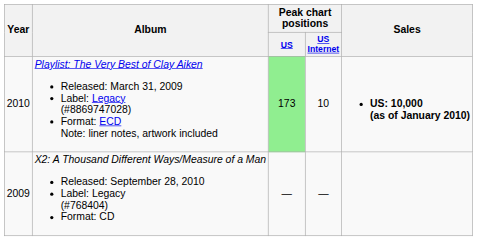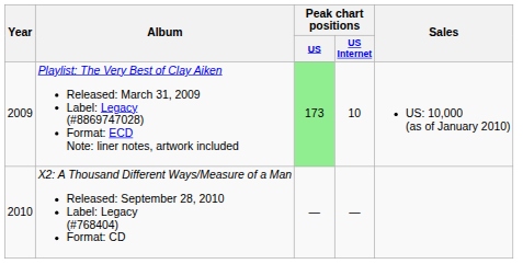 <table class="wikitable">
 <tr>
 <th rowspan="2">Year</th>
 <th rowspan="2">Album</th>
 <th colspan="2">Peak chart positions</th>
 <th rowspan="2">Sales</th>
 </tr>
 <tr style="font-size:smaller;">
 <th width="50"><a href='#'>US</a><br></th>
 <th width="50"><a href='#'>US Internet</a></th>
 </tr>
 <tr>
-<td>2010</td>
+<td>2009</td>
 <td><em><a href='#'>Playlist: The Very Best of Clay Aiken</a></em><br><ul><li>Released: March 31, 2009</li><li>Label: <a href='#'>Legacy</a><br>(#8869747028)</li><li>Format: <a href='#'>ECD</a> <br>Note: liner notes, artwork included</li></ul></td>
 <td align="center" style="background: lightgreen;">173</td>
 <td align="center">10</td>
-<td><strong><br><ul><li>US: 10,000<br>(as of January 2010)</li></ul></strong></td>
+<td><br><ul><li>US: 10,000<br>(as of January 2010)</li></ul></td>
 </tr>
 <tr>
-<td>2009</td>
+<td>2010</td>
 <td><em>X2: A Thousand Different Ways/Measure of a Man</em><br><ul><li>Released: September 28, 2010</li><li>Label: Legacy<br>(#768404)</li><li>Format: CD</li></ul></td>
 <td align="center">—</td>
 <td align="center">—</td>
 <td></td>
 </tr>
 </table>
